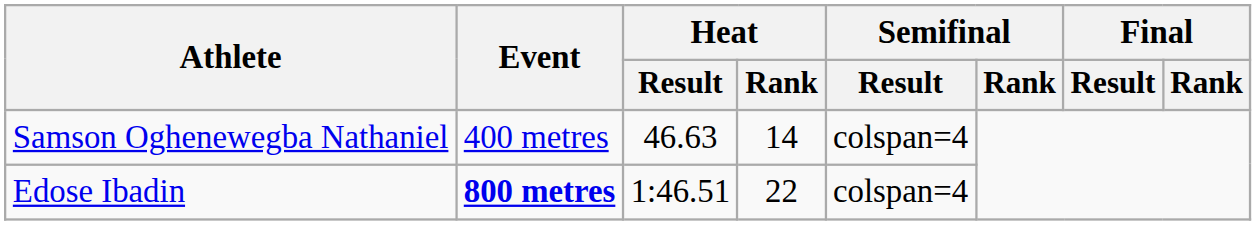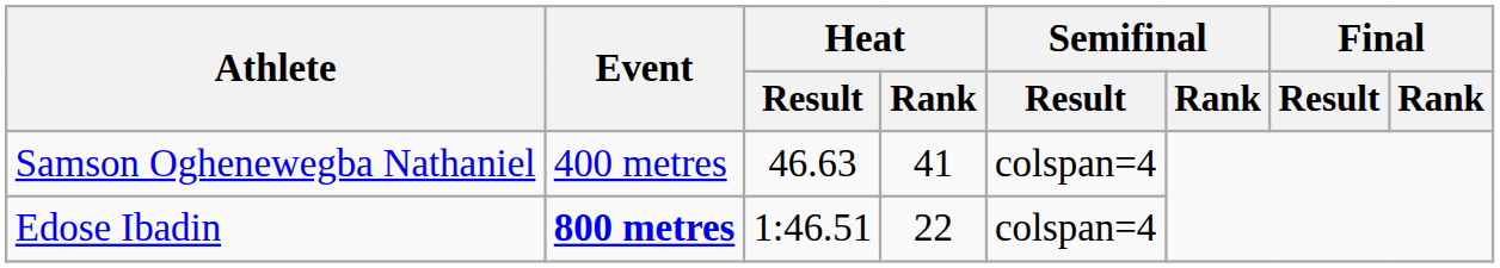 <table class="wikitable" style="font-size:90%">
 <tr>
 <th rowspan="2">Athlete</th>
 <th rowspan="2">Event</th>
 <th colspan="2">Heat</th>
 <th colspan="2">Semifinal</th>
 <th colspan="2">Final</th>
 </tr>
 <tr style="font-size:95%">
 <th>Result</th>
 <th>Rank</th>
 <th>Result</th>
 <th>Rank</th>
 <th>Result</th>
 <th>Rank</th>
 </tr>
 <tr style=text-align:center>
 <td style=text-align:left><a href='#'>Samson Oghenewegba Nathaniel</a></td>
 <td style=text-align:left><a href='#'>400 metres</a></td>
 <td>46.63</td>
-<td>14</td>
+<td>41</td>
 <td>colspan=4 </td>
 </tr>
 <tr style=text-align:center>
 <td style=text-align:left><a href='#'>Edose Ibadin</a></td>
 <td style=text-align:left><strong><a href='#'>800 metres</a></strong></td>
 <td>1:46.51</td>
 <td>22</td>
 <td>colspan=4 </td>
 </tr>
 </table>
